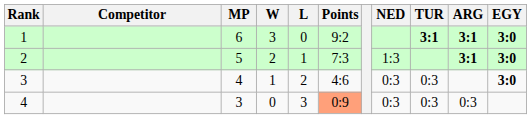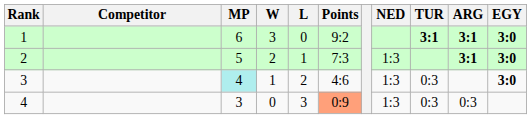 <table class="wikitable" style="text-align:center">
 <tr>
 <th>Rank</th>
 <th style="width:18em">Competitor</th>
 <th style="width:2.5em">MP</th>
 <th style="width:2.5em">W</th>
 <th style="width:2.5em">L</th>
 <th>Points</th>
 <th rowspan="5"> </th>
 <th style="width:2.5em">NED</th>
 <th style="width:2.5em">TUR</th>
 <th style="width:2.5em">ARG</th>
 <th style="width:2.5em">EGY</th>
 </tr>
 <tr style="background:#cfc;">
 <td>1</td>
 <td style="text-align:left"></td>
 <td>6</td>
 <td>3</td>
 <td>0</td>
 <td>9:2</td>
 <td></td>
 <td><strong>3:1</strong></td>
 <td><strong>3:1</strong></td>
 <td><strong>3:0</strong></td>
 </tr>
 <tr style="background:#cfc;">
 <td>2</td>
 <td style="text-align:left"></td>
 <td>5</td>
 <td>2</td>
 <td>1</td>
 <td>7:3</td>
 <td>1:3</td>
 <td></td>
 <td><strong>3:1</strong></td>
 <td><strong>3:0</strong></td>
 </tr>
 <tr>
 <td>3</td>
 <td style="text-align:left"></td>
-<td>4</td>
+<td style="background: paleturquoise;">4</td>
 <td>1</td>
 <td>2</td>
 <td>4:6</td>
-<td>0:3</td>
+<td>1:3</td>
 <td>0:3</td>
 <td></td>
 <td><strong>3:0</strong></td>
 </tr>
 <tr>
 <td>4</td>
 <td style="text-align:left"></td>
 <td>3</td>
 <td>0</td>
 <td>3</td>
 <td style="background: lightsalmon;">0:9</td>
-<td>0:3</td>
+<td>1:3</td>
 <td>0:3</td>
 <td>0:3</td>
 <td></td>
 </tr>
 </table>
